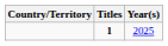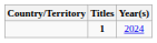 <table class="wikitable" style="font-size: 85%;">
 <tr>
 <th>Country/Territory</th>
 <th>Titles</th>
 <th>Year(s)</th>
 </tr>
 <tr>
 <td></td>
 <td style="text-align:center;"><strong>1</strong></td>
-<td style="text-align:center;"><a href='#'>2025</a></td>
+<td style="text-align:center;"><a href='#'>2024</a></td>
 </tr>
 </table>
